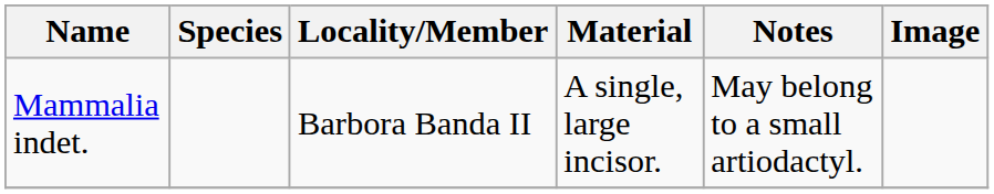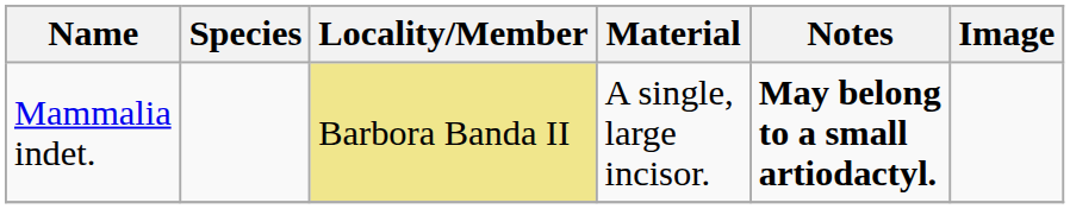 <table class="wikitable" align="center" width="75%">
 <tr>
 <th>Name</th>
 <th>Species</th>
 <th>Locality/Member</th>
 <th>Material</th>
 <th>Notes</th>
 <th>Image</th>
 </tr>
 <tr>
 <td><a href='#'>Mammalia</a> indet.</td>
 <td></td>
-<td>Barbora Banda II</td>
+<td style="background: khaki;">Barbora Banda II</td>
 <td>A single, large incisor.</td>
-<td>May belong to a small artiodactyl.</td>
+<td><strong>May belong to a small artiodactyl.</strong></td>
 <td></td>
 </tr>
 <tr>
 </tr>
 </table>
